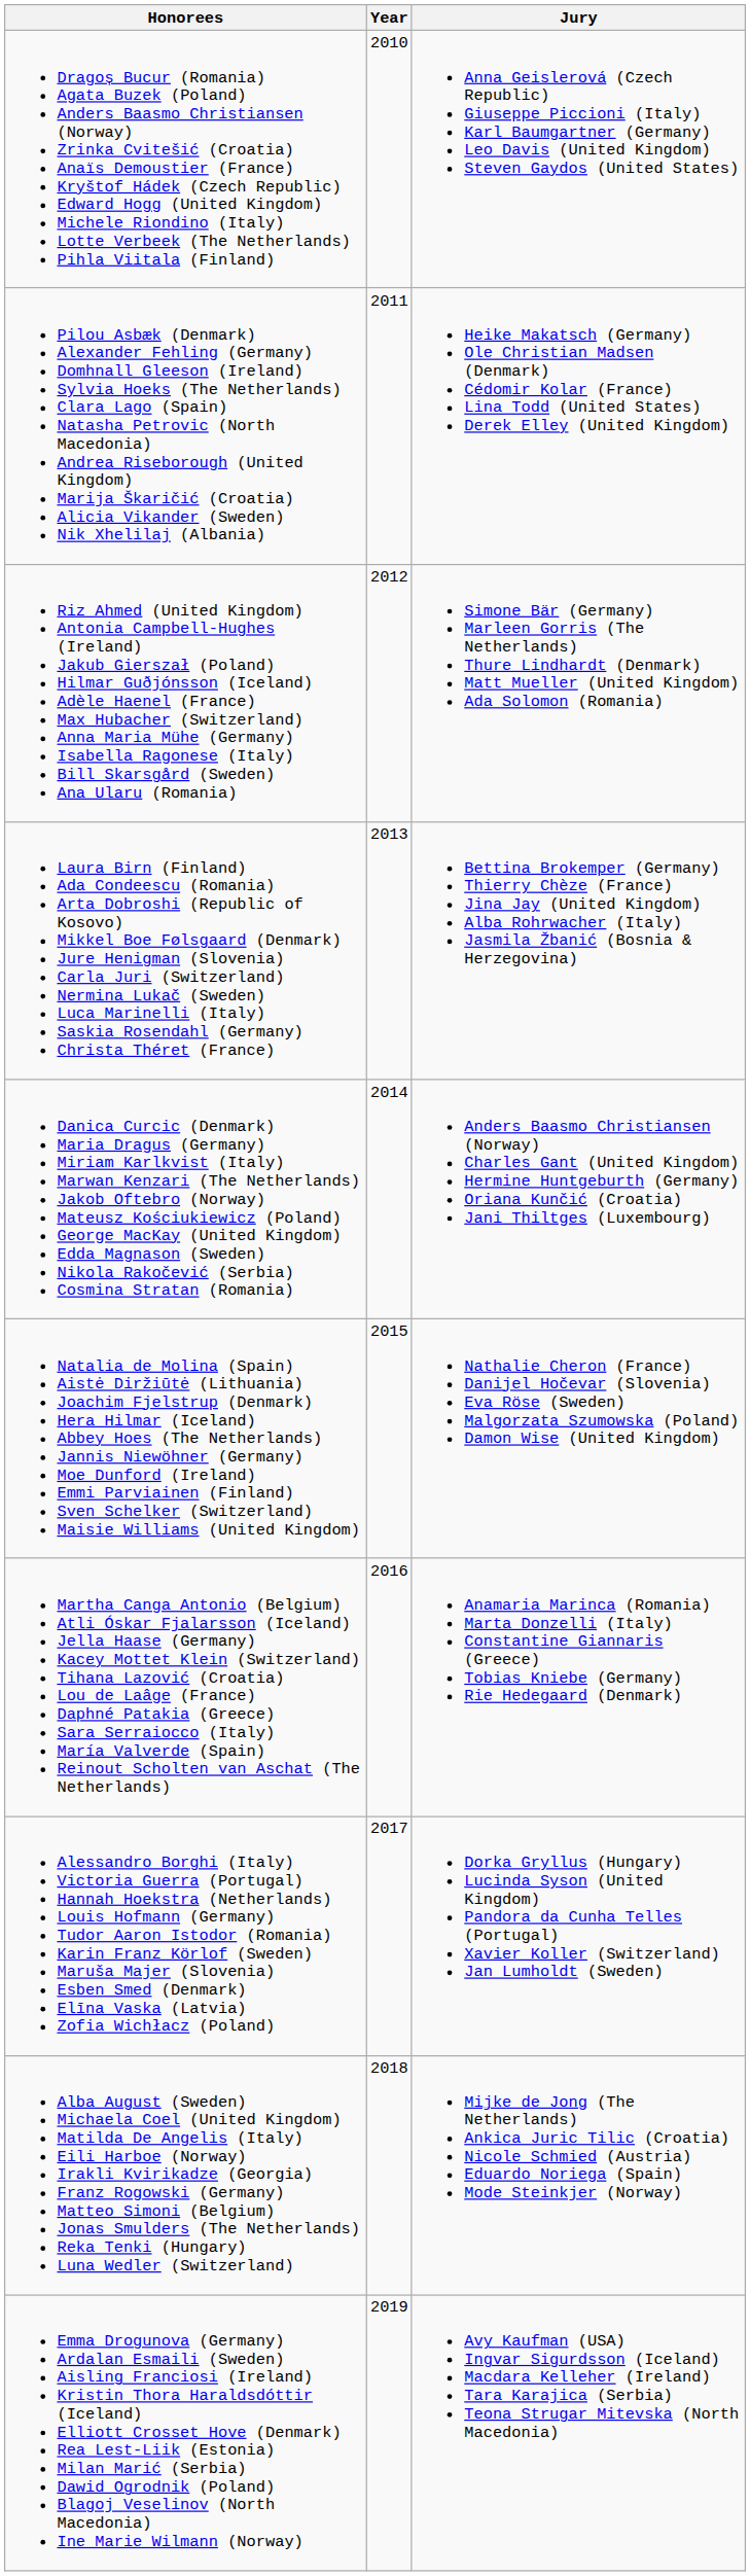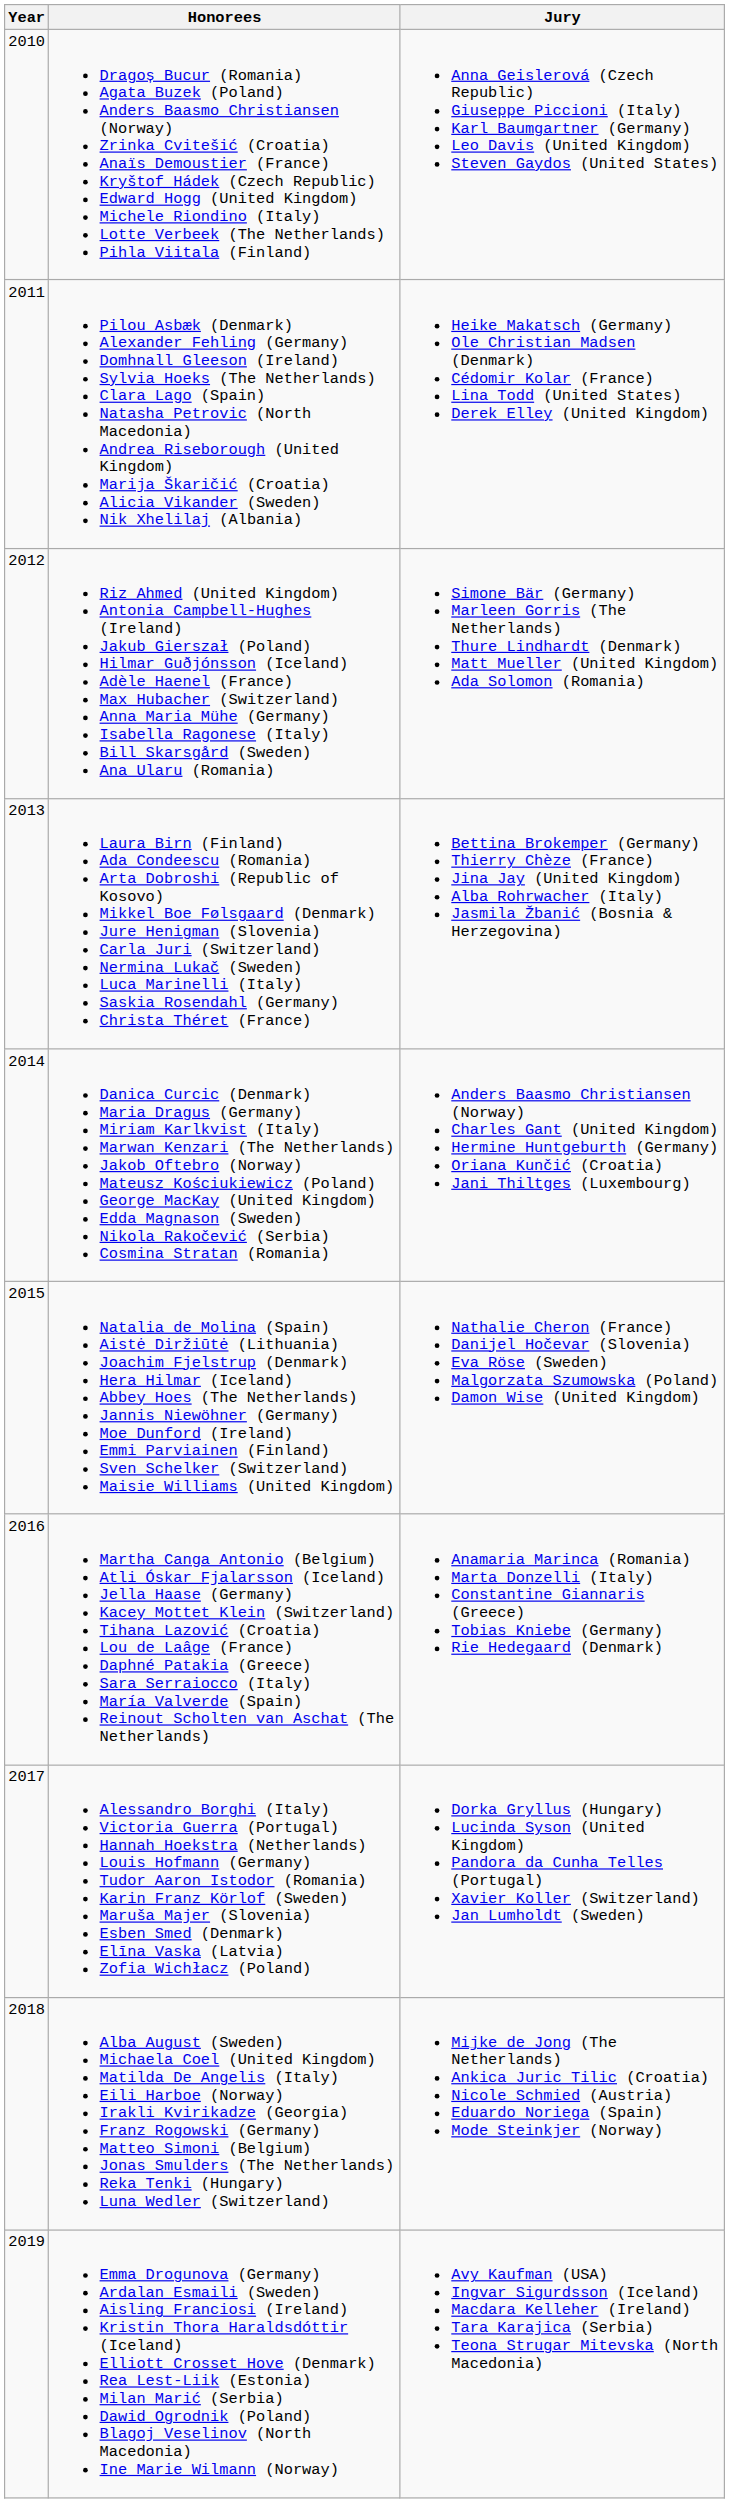 <table class="wikitable">
 <tr>
+<th>Year</th>
 <th>Honorees</th>
-<th>Year</th>
 <th>Jury</th>
 </tr>
 <tr valign=top>
+<td>2010</td>
 <td><br><ul><li><a href='#'>Dragoș Bucur</a> (Romania)</li><li><a href='#'>Agata Buzek</a> (Poland)</li><li><a href='#'>Anders Baasmo Christiansen</a> (Norway)</li><li><a href='#'>Zrinka Cvitešić</a> (Croatia)</li><li><a href='#'>Anaïs Demoustier</a> (France)</li><li><a href='#'>Kryštof Hádek</a> (Czech Republic)</li><li><a href='#'>Edward Hogg</a> (United Kingdom)</li><li><a href='#'>Michele Riondino</a> (Italy)</li><li><a href='#'>Lotte Verbeek</a> (The Netherlands)</li><li><a href='#'>Pihla Viitala</a> (Finland)</li></ul></td>
-<td>2010</td>
 <td><br><ul><li><a href='#'>Anna Geislerová</a> (Czech Republic)</li><li><a href='#'>Giuseppe Piccioni</a> (Italy)</li><li><a href='#'>Karl Baumgartner</a> (Germany)</li><li><a href='#'>Leo Davis</a> (United Kingdom)</li><li><a href='#'>Steven Gaydos</a> (United States)</li></ul></td>
 </tr>
 <tr valign=top>
+<td>2011</td>
 <td><br><ul><li><a href='#'>Pilou Asbæk</a> (Denmark)</li><li><a href='#'>Alexander Fehling</a> (Germany)</li><li><a href='#'>Domhnall Gleeson</a> (Ireland)</li><li><a href='#'>Sylvia Hoeks</a> (The Netherlands)</li><li><a href='#'>Clara Lago</a> (Spain)</li><li><a href='#'>Natasha Petrovic</a> (North Macedonia)</li><li><a href='#'>Andrea Riseborough</a> (United Kingdom)</li><li><a href='#'>Marija Škaričić</a> (Croatia)</li><li><a href='#'>Alicia Vikander</a> (Sweden)</li><li><a href='#'>Nik Xhelilaj</a> (Albania)</li></ul></td>
-<td>2011</td>
 <td><br><ul><li><a href='#'>Heike Makatsch</a> (Germany)</li><li><a href='#'>Ole Christian Madsen</a> (Denmark)</li><li><a href='#'>Cédomir Kolar</a> (France)</li><li><a href='#'>Lina Todd</a> (United States)</li><li><a href='#'>Derek Elley</a> (United Kingdom)</li></ul></td>
 </tr>
 <tr valign=top>
+<td>2012</td>
 <td><br><ul><li><a href='#'>Riz Ahmed</a> (United Kingdom)</li><li><a href='#'>Antonia Campbell-Hughes</a> (Ireland)</li><li><a href='#'>Jakub Gierszał</a> (Poland)</li><li><a href='#'>Hilmar Guðjónsson</a> (Iceland)</li><li><a href='#'>Adèle Haenel</a> (France)</li><li><a href='#'>Max Hubacher</a> (Switzerland)</li><li><a href='#'>Anna Maria Mühe</a> (Germany)</li><li><a href='#'>Isabella Ragonese</a> (Italy)</li><li><a href='#'>Bill Skarsgård</a> (Sweden)</li><li><a href='#'>Ana Ularu</a> (Romania)</li></ul></td>
-<td>2012</td>
 <td><br><ul><li><a href='#'>Simone Bär</a> (Germany)</li><li><a href='#'>Marleen Gorris</a> (The Netherlands)</li><li><a href='#'>Thure Lindhardt</a> (Denmark)</li><li><a href='#'>Matt Mueller</a> (United Kingdom)</li><li><a href='#'>Ada Solomon</a> (Romania)</li></ul></td>
 </tr>
 <tr valign=top>
+<td>2013</td>
 <td><br><ul><li><a href='#'>Laura Birn</a> (Finland)</li><li><a href='#'>Ada Condeescu</a> (Romania)</li><li><a href='#'>Arta Dobroshi</a> (Republic of Kosovo)</li><li><a href='#'>Mikkel Boe Følsgaard</a> (Denmark)</li><li><a href='#'>Jure Henigman</a> (Slovenia)</li><li><a href='#'>Carla Juri</a> (Switzerland)</li><li><a href='#'>Nermina Lukač</a> (Sweden)</li><li><a href='#'>Luca Marinelli</a> (Italy)</li><li><a href='#'>Saskia Rosendahl</a> (Germany)</li><li><a href='#'>Christa Théret</a> (France)</li></ul></td>
-<td>2013</td>
 <td><br><ul><li><a href='#'>Bettina Brokemper</a> (Germany)</li><li><a href='#'>Thierry Chèze</a> (France)</li><li><a href='#'>Jina Jay</a> (United Kingdom)</li><li><a href='#'>Alba Rohrwacher</a> (Italy)</li><li><a href='#'>Jasmila Žbanić</a> (Bosnia & Herzegovina)</li></ul></td>
 </tr>
 <tr valign=top>
+<td>2014</td>
 <td><br><ul><li><a href='#'>Danica Curcic</a> (Denmark)</li><li><a href='#'>Maria Dragus</a> (Germany)</li><li><a href='#'>Miriam Karlkvist</a> (Italy)</li><li><a href='#'>Marwan Kenzari</a> (The Netherlands)</li><li><a href='#'>Jakob Oftebro</a> (Norway)</li><li><a href='#'>Mateusz Kościukiewicz</a> (Poland)</li><li><a href='#'>George MacKay</a> (United Kingdom)</li><li><a href='#'>Edda Magnason</a> (Sweden)</li><li><a href='#'>Nikola Rakočević</a> (Serbia)</li><li><a href='#'>Cosmina Stratan</a> (Romania)</li></ul></td>
-<td>2014</td>
 <td><br><ul><li><a href='#'>Anders Baasmo Christiansen</a> (Norway)</li><li><a href='#'>Charles Gant</a> (United Kingdom)</li><li><a href='#'>Hermine Huntgeburth</a> (Germany)</li><li><a href='#'>Oriana Kunčić</a> (Croatia)</li><li><a href='#'>Jani Thiltges</a> (Luxembourg)</li></ul></td>
 </tr>
 <tr valign=top>
+<td>2015</td>
 <td><br><ul><li><a href='#'>Natalia de Molina</a> (Spain)</li><li><a href='#'>Aistė Diržiūtė</a> (Lithuania)</li><li><a href='#'>Joachim Fjelstrup</a> (Denmark)</li><li><a href='#'>Hera Hilmar</a> (Iceland)</li><li><a href='#'>Abbey Hoes</a> (The Netherlands)</li><li><a href='#'>Jannis Niewöhner</a> (Germany)</li><li><a href='#'>Moe Dunford</a> (Ireland)</li><li><a href='#'>Emmi Parviainen</a> (Finland)</li><li><a href='#'>Sven Schelker</a> (Switzerland)</li><li><a href='#'>Maisie Williams</a> (United Kingdom)</li></ul></td>
-<td>2015</td>
 <td><br><ul><li><a href='#'>Nathalie Cheron</a> (France)</li><li><a href='#'>Danijel Hočevar</a> (Slovenia)</li><li><a href='#'>Eva Röse</a> (Sweden)</li><li><a href='#'>Malgorzata Szumowska</a> (Poland)</li><li><a href='#'>Damon Wise</a> (United Kingdom)</li></ul></td>
 </tr>
 <tr valign=top>
+<td>2016</td>
 <td><br><ul><li><a href='#'>Martha Canga Antonio</a> (Belgium)</li><li><a href='#'>Atli Óskar Fjalarsson</a> (Iceland)</li><li><a href='#'>Jella Haase</a> (Germany)</li><li><a href='#'>Kacey Mottet Klein</a> (Switzerland)</li><li><a href='#'>Tihana Lazović</a> (Croatia)</li><li><a href='#'>Lou de Laâge</a> (France)</li><li><a href='#'>Daphné Patakia</a> (Greece)</li><li><a href='#'>Sara Serraiocco</a> (Italy)</li><li><a href='#'>María Valverde</a> (Spain)</li><li><a href='#'>Reinout Scholten van Aschat</a> (The Netherlands)</li></ul></td>
-<td>2016</td>
 <td><br><ul><li><a href='#'>Anamaria Marinca</a> (Romania)</li><li><a href='#'>Marta Donzelli</a> (Italy)</li><li><a href='#'>Constantine Giannaris</a> (Greece)</li><li><a href='#'>Tobias Kniebe</a> (Germany)</li><li><a href='#'>Rie Hedegaard</a> (Denmark)</li></ul></td>
 </tr>
 <tr valign=top>
+<td>2017</td>
 <td><br><ul><li><a href='#'>Alessandro Borghi</a> (Italy)</li><li><a href='#'>Victoria Guerra</a> (Portugal)</li><li><a href='#'>Hannah Hoekstra</a> (Netherlands)</li><li><a href='#'>Louis Hofmann</a> (Germany)</li><li><a href='#'>Tudor Aaron Istodor</a> (Romania)</li><li><a href='#'>Karin Franz Körlof</a> (Sweden)</li><li><a href='#'>Maruša Majer</a> (Slovenia)</li><li><a href='#'>Esben Smed</a> (Denmark)</li><li><a href='#'>Elīna Vaska</a> (Latvia)</li><li><a href='#'>Zofia Wichłacz</a> (Poland)</li></ul></td>
-<td>2017</td>
 <td><br><ul><li><a href='#'>Dorka Gryllus</a> (Hungary)</li><li><a href='#'>Lucinda Syson</a> (United Kingdom)</li><li><a href='#'>Pandora da Cunha Telles</a> (Portugal)</li><li><a href='#'>Xavier Koller</a> (Switzerland)</li><li><a href='#'>Jan Lumholdt</a> (Sweden)</li></ul></td>
 </tr>
 <tr valign=top>
+<td>2018</td>
 <td><br><ul><li><a href='#'>Alba August</a> (Sweden)</li><li><a href='#'>Michaela Coel</a> (United Kingdom)</li><li><a href='#'>Matilda De Angelis</a> (Italy)</li><li><a href='#'>Eili Harboe</a> (Norway)</li><li><a href='#'>Irakli Kvirikadze</a> (Georgia)</li><li><a href='#'>Franz Rogowski</a> (Germany)</li><li><a href='#'>Matteo Simoni</a> (Belgium)</li><li><a href='#'>Jonas Smulders</a> (The Netherlands)</li><li><a href='#'>Reka Tenki</a> (Hungary)</li><li><a href='#'>Luna Wedler</a> (Switzerland)</li></ul></td>
-<td>2018</td>
 <td><br><ul><li><a href='#'>Mijke de Jong</a> (The Netherlands)</li><li><a href='#'>Ankica Juric Tilic</a> (Croatia)</li><li><a href='#'>Nicole Schmied</a> (Austria)</li><li><a href='#'>Eduardo Noriega</a> (Spain)</li><li><a href='#'>Mode Steinkjer</a> (Norway)</li></ul></td>
 </tr>
 <tr valign=top>
+<td>2019</td>
 <td><br><ul><li><a href='#'>Emma Drogunova</a> (Germany)</li><li><a href='#'>Ardalan Esmaili</a> (Sweden)</li><li><a href='#'>Aisling Franciosi</a> (Ireland)</li><li><a href='#'>Kristin Thora Haraldsdóttir</a> (Iceland)</li><li><a href='#'>Elliott Crosset Hove</a> (Denmark)</li><li><a href='#'>Rea Lest-Liik</a> (Estonia)</li><li><a href='#'>Milan Marić</a> (Serbia)</li><li><a href='#'>Dawid Ogrodnik</a> (Poland)</li><li><a href='#'>Blagoj Veselinov</a> (North Macedonia)</li><li><a href='#'>Ine Marie Wilmann</a> (Norway)</li></ul></td>
-<td>2019</td>
 <td><br><ul><li><a href='#'>Avy Kaufman</a> (USA)</li><li><a href='#'>Ingvar Sigurdsson</a> (Iceland)</li><li><a href='#'>Macdara Kelleher</a> (Ireland)</li><li><a href='#'>Tara Karajica</a> (Serbia)</li><li><a href='#'>Teona Strugar Mitevska</a> (North Macedonia)</li></ul></td>
 </tr>
 </table>
